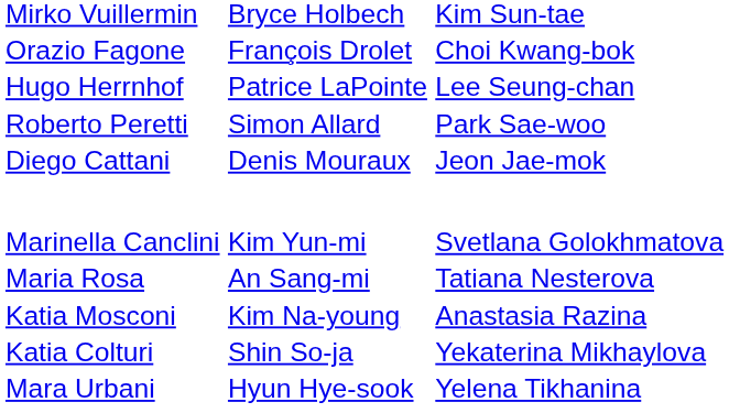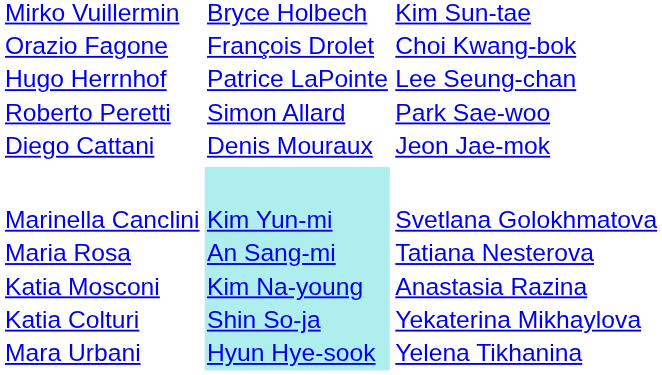 <table>
 <tr>
 <th scope=row style="text-align:left"></th>
 <td valign="top"><strong></strong><br><small><a href='#'>Mirko Vuillermin</a><br><a href='#'>Orazio Fagone</a><br><a href='#'>Hugo Herrnhof</a><br><a href='#'>Roberto Peretti</a><br><a href='#'>Diego Cattani</a></small></td>
 <td valign="top"><strong></strong><br><small><a href='#'>Bryce Holbech</a><br><a href='#'>François Drolet</a><br><a href='#'>Patrice LaPointe</a><br><a href='#'>Simon Allard</a><br><a href='#'>Denis Mouraux</a></small></td>
 <td valign="top"><strong></strong><br><small><a href='#'>Kim Sun-tae</a><br><a href='#'>Choi Kwang-bok</a><br><a href='#'>Lee Seung-chan</a><br><a href='#'>Park Sae-woo</a><br><a href='#'>Jeon Jae-mok</a></small></td>
 </tr>
 <tr>
 <th scope=row style="text-align:left"></th>
 <td valign="top"><strong></strong><br><small><a href='#'>Marinella Canclini</a><br><a href='#'>Maria Rosa</a><br><a href='#'>Katia Mosconi</a><br><a href='#'>Katia Colturi</a><br><a href='#'>Mara Urbani</a></small></td>
-<td valign="top"><strong></strong><br><small><a href='#'>Kim Yun-mi</a><br><a href='#'>An Sang-mi</a><br><a href='#'>Kim Na-young</a><br><a href='#'>Shin So-ja</a><br><a href='#'>Hyun Hye-sook</a></small></td>
+<td valign="top" style="background: paleturquoise;"><strong></strong><br><small><a href='#'>Kim Yun-mi</a><br><a href='#'>An Sang-mi</a><br><a href='#'>Kim Na-young</a><br><a href='#'>Shin So-ja</a><br><a href='#'>Hyun Hye-sook</a></small></td>
 <td valign="top"><strong></strong><br><small><a href='#'>Svetlana Golokhmatova</a><br><a href='#'>Tatiana Nesterova</a><br><a href='#'>Anastasia Razina</a><br><a href='#'>Yekaterina Mikhaylova</a><br><a href='#'>Yelena Tikhanina</a></small></td>
 </tr>
 </table>
